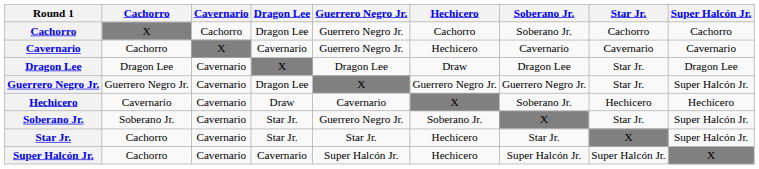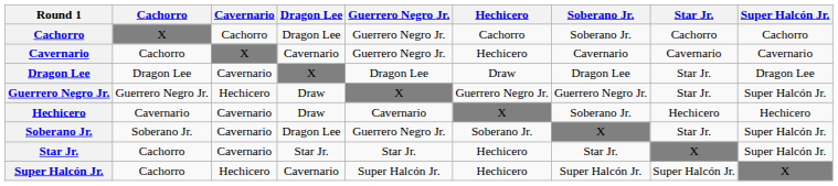 <table class="wikitable" style="margin: 1em auto 1em auto">
 <tr align="center">
 <th>Round 1</th>
 <th><a href='#'>Cachorro</a></th>
 <th><a href='#'>Cavernario</a></th>
 <th><a href='#'>Dragon Lee</a></th>
 <th><a href='#'>Guerrero Negro Jr.</a></th>
 <th><a href='#'>Hechicero</a></th>
 <th><a href='#'>Soberano Jr.</a></th>
 <th><a href='#'>Star Jr.</a></th>
 <th><a href='#'>Super Halcón Jr.</a></th>
 </tr>
 <tr align="center">
 <th><a href='#'>Cachorro</a></th>
 <td bgcolor=grey>X</td>
 <td>Cachorro</td>
 <td>Dragon Lee</td>
 <td>Guerrero Negro Jr.</td>
 <td>Cachorro</td>
 <td>Soberano Jr.</td>
 <td>Cachorro</td>
 <td>Cachorro</td>
 </tr>
 <tr align="center">
 <th><a href='#'>Cavernario</a></th>
 <td>Cachorro</td>
 <td bgcolor=grey>X</td>
 <td>Cavernario</td>
 <td>Guerrero Negro Jr.</td>
 <td>Hechicero</td>
 <td>Cavernario</td>
 <td>Cavernario</td>
 <td>Cavernario</td>
 </tr>
 <tr align="center">
 <th><a href='#'>Dragon Lee</a></th>
 <td>Dragon Lee</td>
 <td>Cavernario</td>
 <td bgcolor=grey>X</td>
 <td>Dragon Lee</td>
 <td>Draw</td>
 <td>Dragon Lee</td>
 <td>Star Jr.</td>
 <td>Dragon Lee</td>
 </tr>
 <tr align="center">
 <th><a href='#'>Guerrero Negro Jr.</a></th>
 <td>Guerrero Negro Jr.</td>
-<td>Cavernario</td>
-<td>Dragon Lee</td>
+<td>Hechicero</td>
+<td>Draw</td>
 <td bgcolor=grey>X</td>
 <td>Guerrero Negro Jr.</td>
 <td>Guerrero Negro Jr.</td>
 <td>Star Jr.</td>
 <td>Super Halcón Jr.</td>
 </tr>
 <tr align="center">
 <th><a href='#'>Hechicero</a></th>
 <td>Cavernario</td>
 <td>Cavernario</td>
 <td>Draw</td>
 <td>Cavernario</td>
 <td bgcolor=grey>X</td>
 <td>Soberano Jr.</td>
 <td>Hechicero</td>
 <td>Hechicero</td>
 </tr>
 <tr align="center">
 <th><a href='#'>Soberano Jr.</a></th>
 <td>Soberano Jr.</td>
 <td>Cavernario</td>
-<td>Star Jr.</td>
+<td>Dragon Lee</td>
 <td>Guerrero Negro Jr.</td>
 <td>Soberano Jr.</td>
 <td bgcolor=grey>X</td>
 <td>Star Jr.</td>
 <td>Super Halcón Jr.</td>
 </tr>
 <tr align="center">
 <th><a href='#'>Star Jr.</a></th>
 <td>Cachorro</td>
 <td>Cavernario</td>
 <td>Star Jr.</td>
 <td>Star Jr.</td>
 <td>Hechicero</td>
 <td>Star Jr.</td>
 <td bgcolor=grey>X</td>
 <td>Super Halcón Jr.</td>
 </tr>
 <tr align="center">
 <th><a href='#'>Super Halcón Jr.</a></th>
 <td>Cachorro</td>
-<td>Cavernario</td>
+<td>Hechicero</td>
 <td>Cavernario</td>
 <td>Super Halcón Jr.</td>
 <td>Hechicero</td>
 <td>Super Halcón Jr.</td>
 <td>Super Halcón Jr.</td>
 <td bgcolor=grey>X</td>
 </tr>
 </table>
